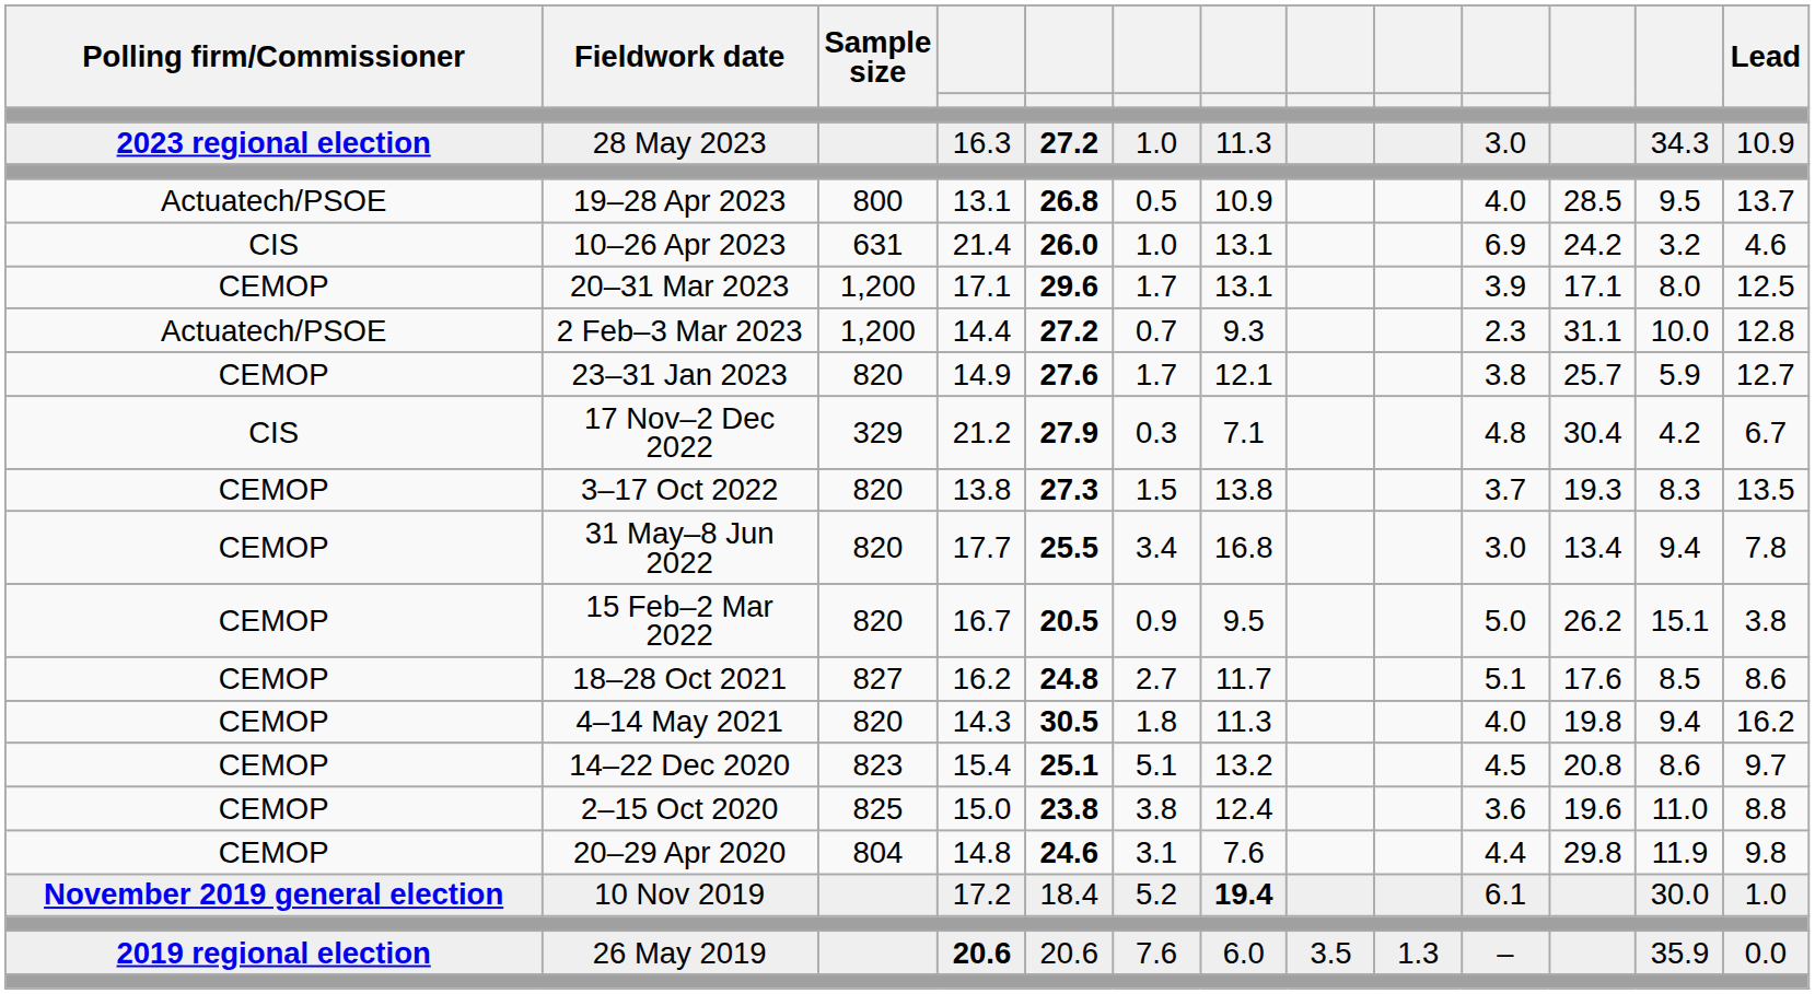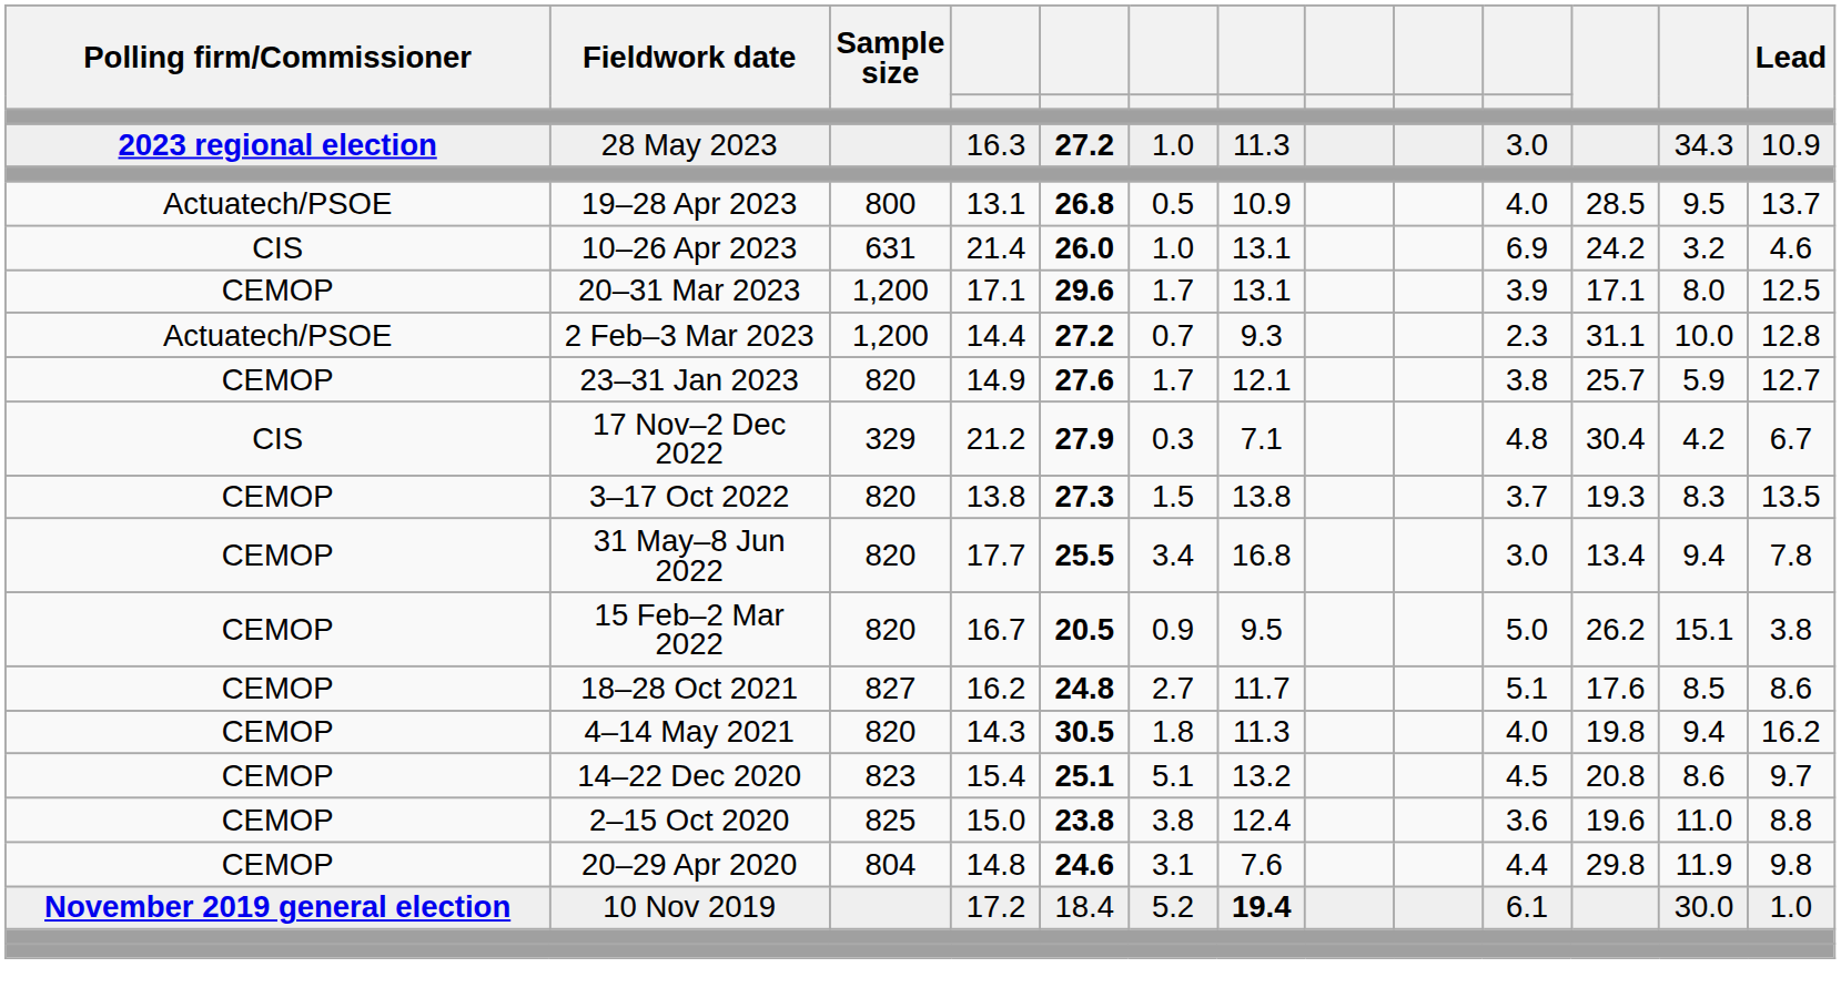 <table class="wikitable collapsible collapsed" style="text-align:center; font-size:90%; line-height:14px;">
 <tr style="height:42px;">
 <th style="width:250px;" rowspan="2">Polling firm/Commissioner</th>
 <th style="width:125px;" rowspan="2">Fieldwork date</th>
 <th style="width:50px;" rowspan="2">Sample size</th>
 <th style="width:35px;"></th>
 <th style="width:35px;"></th>
 <th style="width:35px;"></th>
 <th style="width:35px;"></th>
 <th style="width:35px;"></th>
 <th style="width:35px;"></th>
 <th style="width:35px;"></th>
 <th style="width:35px;" rowspan="2"></th>
 <th style="width:35px;" rowspan="2"></th>
 <th style="width:30px;" rowspan="2">Lead</th>
 </tr>
 <tr>
 <th style="color:inherit;background:"></th>
 <th style="color:inherit;background:"></th>
 <th style="color:inherit;background:"></th>
 <th style="color:inherit;background:"></th>
 <th style="color:inherit;background:"></th>
 <th style="color:inherit;background:"></th>
 <th style="color:inherit;background:"></th>
 </tr>
 <tr>
 <td colspan="13" style="background:#A0A0A0"></td>
 </tr>
 <tr style="background:#EFEFEF;">
 <td><strong><a href='#'>2023 regional election</a></strong></td>
 <td>28 May 2023</td>
 <td></td>
 <td>16.3</td>
 <td><strong>27.2</strong></td>
 <td>1.0</td>
 <td>11.3</td>
 <td></td>
 <td></td>
 <td>3.0</td>
 <td></td>
 <td>34.3</td>
 <td style="background:">10.9</td>
 </tr>
 <tr>
 <td colspan="13" style="background:#A0A0A0"></td>
 </tr>
 <tr>
 <td>Actuatech/PSOE</td>
 <td>19–28 Apr 2023</td>
 <td>800</td>
 <td>13.1</td>
 <td><strong>26.8</strong></td>
 <td>0.5</td>
 <td>10.9</td>
 <td></td>
 <td></td>
 <td>4.0</td>
 <td>28.5</td>
 <td>9.5</td>
 <td style="background:">13.7</td>
 </tr>
 <tr>
 <td>CIS</td>
 <td>10–26 Apr 2023</td>
 <td>631</td>
 <td>21.4</td>
 <td><strong>26.0</strong></td>
 <td>1.0</td>
 <td>13.1</td>
 <td></td>
 <td></td>
 <td>6.9</td>
 <td>24.2</td>
 <td>3.2</td>
 <td style="background:">4.6</td>
 </tr>
 <tr>
 <td>CEMOP</td>
 <td>20–31 Mar 2023</td>
 <td>1,200</td>
 <td>17.1</td>
 <td><strong>29.6</strong></td>
 <td>1.7</td>
 <td>13.1</td>
 <td></td>
 <td></td>
 <td>3.9</td>
 <td>17.1</td>
 <td>8.0</td>
 <td style="background:">12.5</td>
 </tr>
 <tr>
 <td>Actuatech/PSOE</td>
 <td>2 Feb–3 Mar 2023</td>
 <td>1,200</td>
 <td>14.4</td>
 <td><strong>27.2</strong></td>
 <td>0.7</td>
 <td>9.3</td>
 <td></td>
 <td></td>
 <td>2.3</td>
 <td>31.1</td>
 <td>10.0</td>
 <td style="background:">12.8</td>
 </tr>
 <tr>
 <td>CEMOP</td>
 <td>23–31 Jan 2023</td>
 <td>820</td>
 <td>14.9</td>
 <td><strong>27.6</strong></td>
 <td>1.7</td>
 <td>12.1</td>
 <td></td>
 <td></td>
 <td>3.8</td>
 <td>25.7</td>
 <td>5.9</td>
 <td style="background:">12.7</td>
 </tr>
 <tr>
 <td>CIS</td>
 <td>17 Nov–2 Dec 2022</td>
 <td>329</td>
 <td>21.2</td>
 <td><strong>27.9</strong></td>
 <td>0.3</td>
 <td>7.1</td>
 <td></td>
 <td></td>
 <td>4.8</td>
 <td>30.4</td>
 <td>4.2</td>
 <td style="background:">6.7</td>
 </tr>
 <tr>
 <td>CEMOP</td>
 <td>3–17 Oct 2022</td>
 <td>820</td>
 <td>13.8</td>
 <td><strong>27.3</strong></td>
 <td>1.5</td>
 <td>13.8</td>
 <td></td>
 <td></td>
 <td>3.7</td>
 <td>19.3</td>
 <td>8.3</td>
 <td style="background:">13.5</td>
 </tr>
 <tr>
 <td>CEMOP</td>
 <td>31 May–8 Jun 2022</td>
 <td>820</td>
 <td>17.7</td>
 <td><strong>25.5</strong></td>
 <td>3.4</td>
 <td>16.8</td>
 <td></td>
 <td></td>
 <td>3.0</td>
 <td>13.4</td>
 <td>9.4</td>
 <td style="background:">7.8</td>
 </tr>
 <tr>
 <td>CEMOP</td>
 <td>15 Feb–2 Mar 2022</td>
 <td>820</td>
 <td>16.7</td>
 <td><strong>20.5</strong></td>
 <td>0.9</td>
 <td>9.5</td>
 <td></td>
 <td></td>
 <td>5.0</td>
 <td>26.2</td>
 <td>15.1</td>
 <td style="background:">3.8</td>
 </tr>
 <tr>
 <td>CEMOP</td>
 <td>18–28 Oct 2021</td>
 <td>827</td>
 <td>16.2</td>
 <td><strong>24.8</strong></td>
 <td>2.7</td>
 <td>11.7</td>
 <td></td>
 <td></td>
 <td>5.1</td>
 <td>17.6</td>
 <td>8.5</td>
 <td style="background:">8.6</td>
 </tr>
 <tr>
 <td>CEMOP</td>
 <td>4–14 May 2021</td>
 <td>820</td>
 <td>14.3</td>
 <td><strong>30.5</strong></td>
 <td>1.8</td>
 <td>11.3</td>
 <td></td>
 <td></td>
 <td>4.0</td>
 <td>19.8</td>
 <td>9.4</td>
 <td style="background:">16.2</td>
 </tr>
 <tr>
 <td>CEMOP</td>
 <td>14–22 Dec 2020</td>
 <td>823</td>
 <td>15.4</td>
 <td><strong>25.1</strong></td>
 <td>5.1</td>
 <td>13.2</td>
 <td></td>
 <td></td>
 <td>4.5</td>
 <td>20.8</td>
 <td>8.6</td>
 <td style="background:">9.7</td>
 </tr>
 <tr>
 <td>CEMOP</td>
 <td>2–15 Oct 2020</td>
 <td>825</td>
 <td>15.0</td>
 <td><strong>23.8</strong></td>
 <td>3.8</td>
 <td>12.4</td>
 <td></td>
 <td></td>
 <td>3.6</td>
 <td>19.6</td>
 <td>11.0</td>
 <td style="background:">8.8</td>
 </tr>
 <tr>
 <td>CEMOP</td>
 <td>20–29 Apr 2020</td>
 <td>804</td>
 <td>14.8</td>
 <td><strong>24.6</strong></td>
 <td>3.1</td>
 <td>7.6</td>
 <td></td>
 <td></td>
 <td>4.4</td>
 <td>29.8</td>
 <td>11.9</td>
 <td style="background:">9.8</td>
 </tr>
 <tr style="background:#EFEFEF;">
 <td><strong><a href='#'>November 2019 general election</a></strong></td>
 <td>10 Nov 2019</td>
 <td></td>
 <td>17.2</td>
 <td>18.4</td>
 <td>5.2</td>
 <td><strong>19.4</strong></td>
 <td></td>
 <td></td>
 <td>6.1</td>
 <td></td>
 <td>30.0</td>
 <td style="background:">1.0</td>
 </tr>
 <tr>
 <td colspan="13" style="background:#A0A0A0"></td>
 </tr>
-<tr style="background:#EFEFEF;">
-<td><strong><a href='#'>2019 regional election</a></strong></td>
-<td>26 May 2019</td>
-<td></td>
-<td><strong>20.6</strong></td>
-<td>20.6</td>
-<td>7.6</td>
-<td>6.0</td>
-<td>3.5</td>
-<td>1.3</td>
-<td>–</td>
-<td></td>
-<td>35.9</td>
-<td style="background:">0.0</td>
-</tr>
 <tr>
 <td colspan="13" style="background:#A0A0A0"></td>
 </tr>
 </table>
